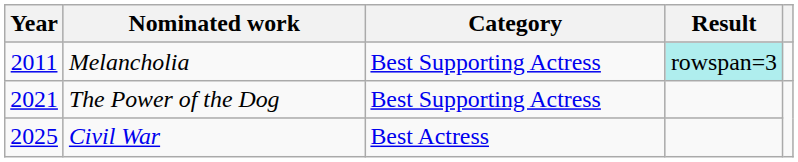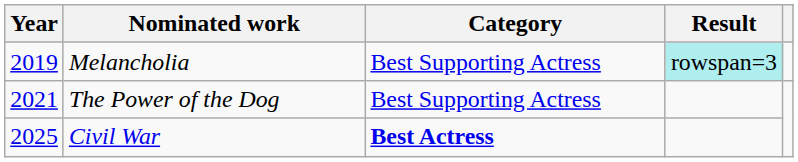 <table class="wikitable" style="width:85%;">
 <tr>
 <th width=5%>Year</th>
 <th style="width:40%;">Nominated work</th>
 <th style="width:40%;">Category</th>
 <th style="width:10%;">Result</th>
 <th width=1%></th>
 </tr>
 <tr>
-<td style="text-align:center;"><a href='#'>2011</a></td>
+<td style="text-align:center;"><a href='#'>2019</a></td>
 <td><em>Melancholia</em></td>
 <td><a href='#'>Best Supporting Actress</a></td>
 <td style="background: paleturquoise;">rowspan=3 </td>
 <td style="text-align:center;"></td>
 </tr>
 <tr>
 <td style="text-align:center;"><a href='#'>2021</a></td>
 <td><em>The Power of the Dog</em></td>
 <td><a href='#'>Best Supporting Actress</a></td>
 <td style="text-align:center;"></td>
 </tr>
 <tr>
 <td style="text-align:center;"><a href='#'>2025</a></td>
 <td><em><a href='#'>Civil War</a></em></td>
-<td><a href='#'>Best Actress</a></td>
+<td><strong><a href='#'>Best Actress</a></strong></td>
 <td style="text-align:center;"></td>
 </tr>
 </table>
